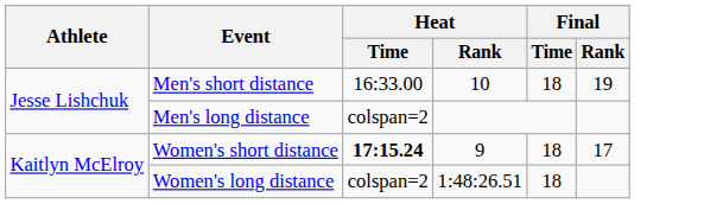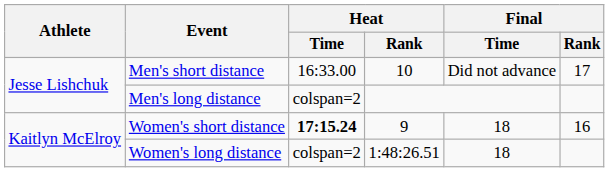 <table class=wikitable style=font-size:90%;text-align:center>
 <tr>
 <th rowspan=2>Athlete</th>
 <th rowspan=2>Event</th>
 <th colspan=2>Heat</th>
 <th colspan=2>Final</th>
 </tr>
 <tr style=font-size:95%>
 <th>Time</th>
 <th>Rank</th>
 <th>Time</th>
 <th>Rank</th>
 </tr>
 <tr>
 <td align=left rowspan=2><a href='#'>Jesse Lishchuk</a></td>
 <td align=left><a href='#'>Men's short distance</a></td>
 <td>16:33.00</td>
 <td>10</td>
-<td>18</td>
-<td>19</td>
+<td>Did not advance</td>
+<td>17</td>
 </tr>
 <tr>
 <td align=left><a href='#'>Men's long distance</a></td>
 <td>colspan=2 </td>
 <td colspan=2></td>
 </tr>
 <tr>
 <td align=left rowspan=2><a href='#'>Kaitlyn McElroy</a></td>
 <td align=left><a href='#'>Women's short distance</a></td>
 <td><strong>17:15.24</strong></td>
 <td>9</td>
 <td>18</td>
-<td>17</td>
+<td>16</td>
 </tr>
 <tr>
 <td align=left><a href='#'>Women's long distance</a></td>
 <td>colspan=2 </td>
 <td>1:48:26.51</td>
 <td>18</td>
 </tr>
 </table>
